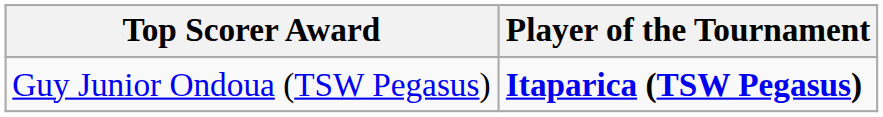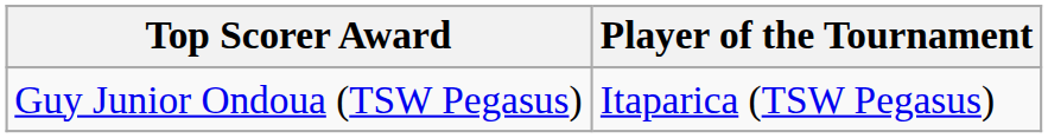 <table class="wikitable" style="margin: 0 auto;">
 <tr>
 <th>Top Scorer Award</th>
 <th>Player of the Tournament</th>
 </tr>
 <tr>
 <td> <a href='#'>Guy Junior Ondoua</a> (<a href='#'>TSW Pegasus</a>)</td>
-<td><strong> <a href='#'>Itaparica</a> (<a href='#'>TSW Pegasus</a>)</strong></td>
+<td> <a href='#'>Itaparica</a> (<a href='#'>TSW Pegasus</a>)</td>
 </tr>
 </table>
